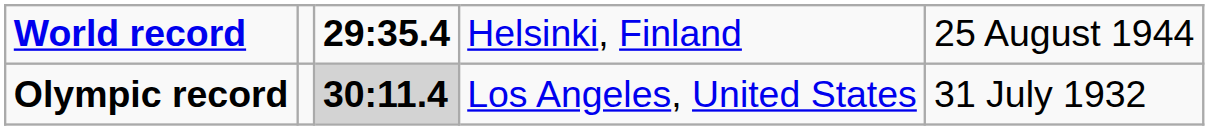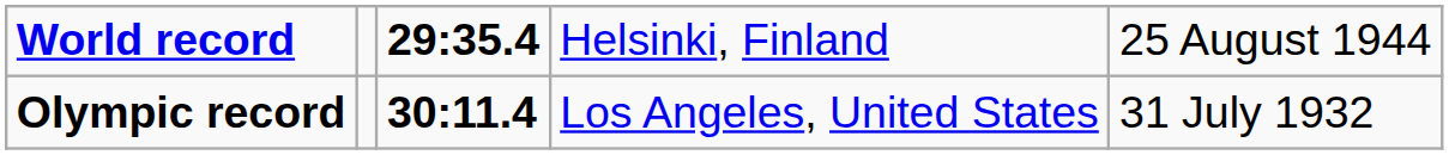 <table class="wikitable">
 <tr>
 <td><strong><a href='#'>World record</a></strong></td>
 <td></td>
 <td><strong>29:35.4</strong></td>
 <td><a href='#'>Helsinki</a>, <a href='#'>Finland</a></td>
 <td>25 August 1944</td>
 </tr>
 <tr>
 <td><strong>Olympic record</strong></td>
 <td></td>
-<td style="background: lightgrey;"><strong>30:11.4</strong></td>
+<td><strong>30:11.4</strong></td>
 <td><a href='#'>Los Angeles</a>, <a href='#'>United States</a></td>
 <td>31 July 1932</td>
 </tr>
 </table>
